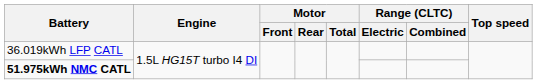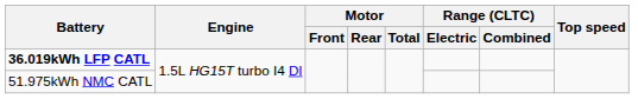 <table class="wikitable">
 <tr>
 <th rowspan="2">Battery</th>
 <th rowspan="2">Engine</th>
 <th colspan="3">Motor</th>
 <th colspan="2">Range (CLTC)</th>
 <th rowspan="2">Top speed</th>
 </tr>
 <tr>
 <th>Front</th>
 <th>Rear</th>
 <th>Total</th>
 <th>Electric</th>
 <th>Combined</th>
 </tr>
 <tr>
-<td>36.019kWh <a href='#'>LFP</a> <a href='#'>CATL</a></td>
+<td><strong>36.019kWh <a href='#'>LFP</a> <a href='#'>CATL</a></strong></td>
 <td rowspan="2">1.5L <em>HG15T</em> turbo I4 <a href='#'>DI</a><br></td>
 <td rowspan="2"></td>
 <td rowspan="2"></td>
 <td rowspan="2"></td>
 <td></td>
 <td></td>
 <td rowspan="2"></td>
 </tr>
 <tr>
-<td><strong>51.975kWh <a href='#'>NMC</a> CATL</strong></td>
+<td>51.975kWh <a href='#'>NMC</a> CATL</td>
 <td></td>
 <td></td>
 </tr>
 </table>
